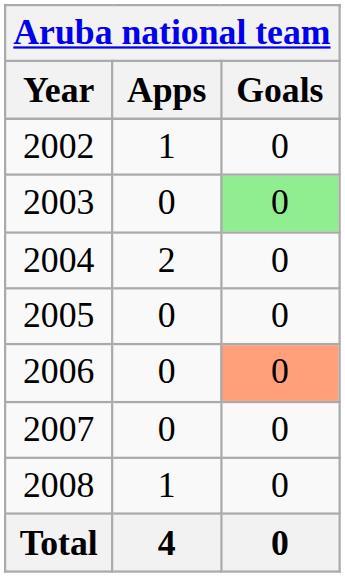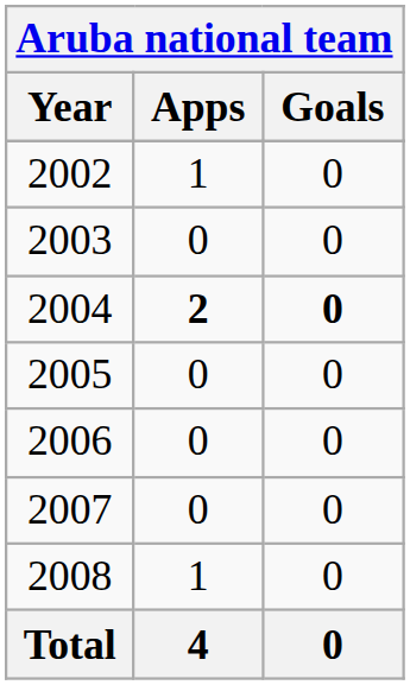 <table class="wikitable" style="text-align:center">
 <tr>
 <th colspan=3><a href='#'>Aruba national team</a></th>
 </tr>
 <tr>
 <th>Year</th>
 <th>Apps</th>
 <th>Goals</th>
 </tr>
 <tr>
 </tr>
 <tr>
 <td>2002</td>
 <td>1</td>
 <td>0</td>
 </tr>
 <tr>
 <td>2003</td>
 <td>0</td>
-<td style="background: lightgreen;">0</td>
+<td>0</td>
 </tr>
 <tr>
 <td>2004</td>
-<td>2</td>
-<td>0</td>
+<td><strong>2</strong></td>
+<td><strong>0</strong></td>
 </tr>
 <tr>
 <td>2005</td>
 <td>0</td>
 <td>0</td>
 </tr>
 <tr>
 <td>2006</td>
 <td>0</td>
-<td style="background: lightsalmon;">0</td>
+<td>0</td>
 </tr>
 <tr>
 <td>2007</td>
 <td>0</td>
 <td>0</td>
 </tr>
 <tr>
 <td>2008</td>
 <td>1</td>
 <td>0</td>
 </tr>
 <tr>
 <th>Total</th>
 <th>4</th>
 <th>0</th>
 </tr>
 </table>
